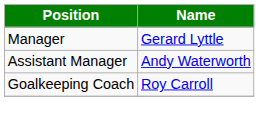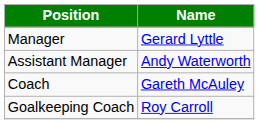 <table class="wikitable" style="text-align:left;">
 <tr>
 <th style="background-color:#008000; color:white; ">Position</th>
 <th style="background-color:#008000; color:white; ">Name</th>
 </tr>
 <tr>
 <td>Manager</td>
 <td> <a href='#'>Gerard Lyttle</a></td>
 </tr>
 <tr>
 <td>Assistant Manager</td>
 <td> <a href='#'>Andy Waterworth</a></td>
 </tr>
 <tr>
+<td>Coach</td>
+<td> <a href='#'>Gareth McAuley</a></td>
+</tr>
+<tr>
 <td>Goalkeeping Coach</td>
 <td> <a href='#'>Roy Carroll</a></td>
 </tr>
 <tr>
 </tr>
 </table>
